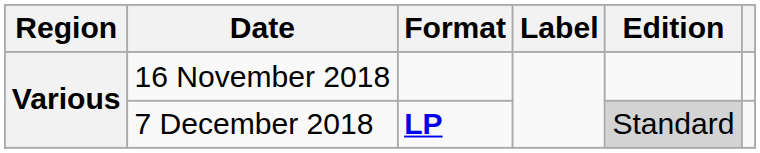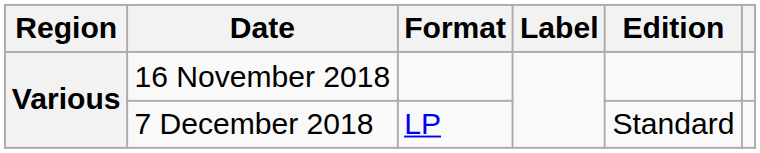 <table class="wikitable plainrowheaders">
 <tr>
 <th scope="col">Region</th>
 <th scope="col">Date</th>
 <th scope="col">Format</th>
 <th scope="col">Label</th>
 <th scope="col">Edition</th>
 <th scope="col"></th>
 </tr>
 <tr>
 <th scope="row" rowspan="2">Various</th>
 <td>16 November 2018</td>
 <td></td>
 <td rowspan=2></td>
 <td></td>
 <td style="text-align:center;"></td>
 </tr>
 <tr>
 <td>7 December 2018</td>
-<td><strong><a href='#'>LP</a></strong></td>
-<td style="background: lightgrey;">Standard</td>
+<td><a href='#'>LP</a></td>
+<td>Standard</td>
 <td style="text-align:center;"></td>
 </tr>
 </table>
